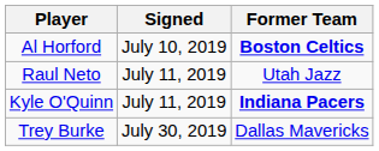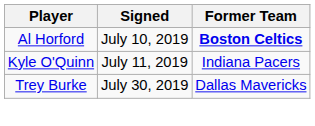 <table class="wikitable sortable sortable" style="text-align:center;">
 <tr>
 <th>Player</th>
 <th>Signed</th>
 <th>Former Team</th>
 </tr>
 <tr>
 <td><a href='#'>Al Horford</a></td>
 <td>July 10, 2019</td>
 <td><strong><a href='#'>Boston Celtics</a></strong></td>
 </tr>
 <tr>
-<td><a href='#'>Raul Neto</a></td>
-<td>July 11, 2019</td>
-<td><a href='#'>Utah Jazz</a></td>
-</tr>
-<tr>
 <td><a href='#'>Kyle O'Quinn</a></td>
 <td>July 11, 2019</td>
-<td><strong><a href='#'>Indiana Pacers</a></strong></td>
+<td><a href='#'>Indiana Pacers</a></td>
 </tr>
 <tr>
 <td><a href='#'>Trey Burke</a></td>
 <td>July 30, 2019</td>
 <td><a href='#'>Dallas Mavericks</a></td>
 </tr>
 </table>
